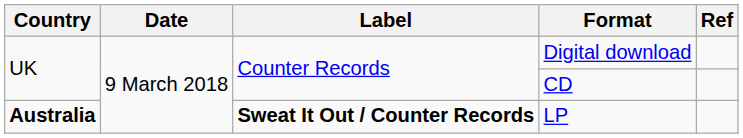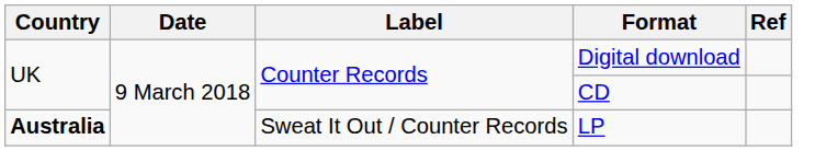 <table class="wikitable plainrowheaders">
 <tr>
 <th>Country</th>
 <th>Date</th>
 <th>Label</th>
 <th>Format</th>
 <th>Ref</th>
 </tr>
 <tr>
 <td rowspan="2">UK</td>
 <td rowspan="3">9 March 2018</td>
 <td rowspan="2"><a href='#'>Counter Records</a></td>
 <td><a href='#'>Digital download</a></td>
 <td></td>
 </tr>
 <tr>
 <td><a href='#'>CD</a></td>
 <td></td>
 </tr>
 <tr>
 <td><strong>Australia</strong></td>
-<td><strong>Sweat It Out / Counter Records</strong></td>
+<td>Sweat It Out / Counter Records</td>
 <td><a href='#'>LP</a></td>
 <td></td>
 </tr>
 </table>
